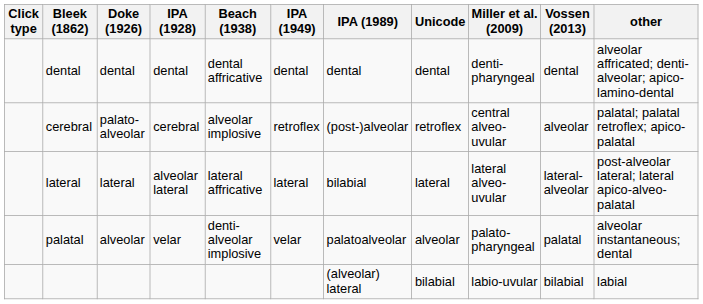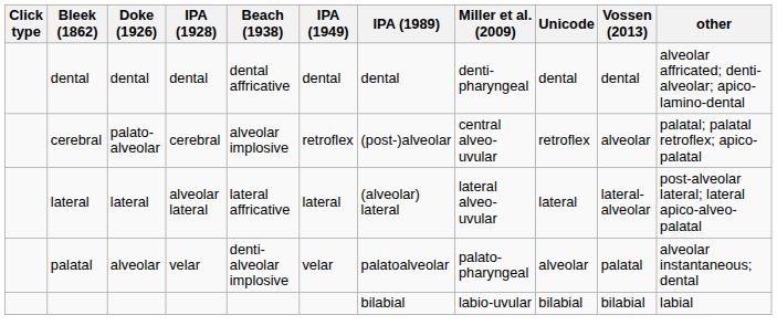 <table class="wikitable">
 <tr>
 <th>Click type</th>
 <th>Bleek (1862)</th>
 <th>Doke (1926)</th>
 <th>IPA (1928)</th>
 <th>Beach (1938)</th>
 <th>IPA (1949)</th>
 <th>IPA (1989)</th>
+<th>Miller et al. (2009)</th>
 <th>Unicode</th>
-<th>Miller et al. (2009)</th>
 <th>Vossen (2013)</th>
 <th>other</th>
 </tr>
 <tr>
 <td></td>
 <td>dental</td>
 <td>dental</td>
 <td>dental</td>
 <td>dental affricative</td>
 <td>dental</td>
 <td>dental</td>
+<td>denti-pharyngeal</td>
 <td>dental</td>
-<td>denti-pharyngeal</td>
 <td>dental</td>
 <td>alveolar affricated; denti-alveolar; apico-lamino-dental</td>
 </tr>
 <tr>
 <td></td>
 <td>cerebral</td>
 <td>palato-alveolar</td>
 <td>cerebral</td>
 <td>alveolar implosive</td>
 <td>retroflex</td>
 <td>(post-)alveolar</td>
+<td>central alveo-uvular</td>
 <td>retroflex</td>
-<td>central alveo-uvular</td>
 <td>alveolar</td>
 <td>palatal; palatal retroflex; apico-palatal</td>
 </tr>
 <tr>
 <td></td>
 <td>lateral</td>
 <td>lateral</td>
 <td>alveolar lateral</td>
 <td>lateral affricative</td>
 <td>lateral</td>
-<td>bilabial</td>
+<td>(alveolar) lateral</td>
+<td>lateral alveo-uvular</td>
 <td>lateral</td>
-<td>lateral alveo-uvular</td>
 <td>lateral-alveolar</td>
 <td>post-alveolar lateral; lateral apico-alveo-palatal</td>
 </tr>
 <tr>
 <td></td>
 <td>palatal</td>
 <td>alveolar</td>
 <td>velar</td>
 <td>denti-alveolar implosive</td>
 <td>velar</td>
 <td>palatoalveolar</td>
+<td>palato-pharyngeal</td>
 <td>alveolar</td>
-<td>palato-pharyngeal</td>
 <td>palatal</td>
 <td>alveolar instantaneous; dental</td>
 </tr>
 <tr>
 <td></td>
 <td></td>
 <td></td>
 <td></td>
 <td></td>
 <td></td>
-<td>(alveolar) lateral</td>
 <td>bilabial</td>
 <td>labio-uvular</td>
+<td>bilabial</td>
 <td>bilabial</td>
 <td>labial</td>
 </tr>
 </table>
